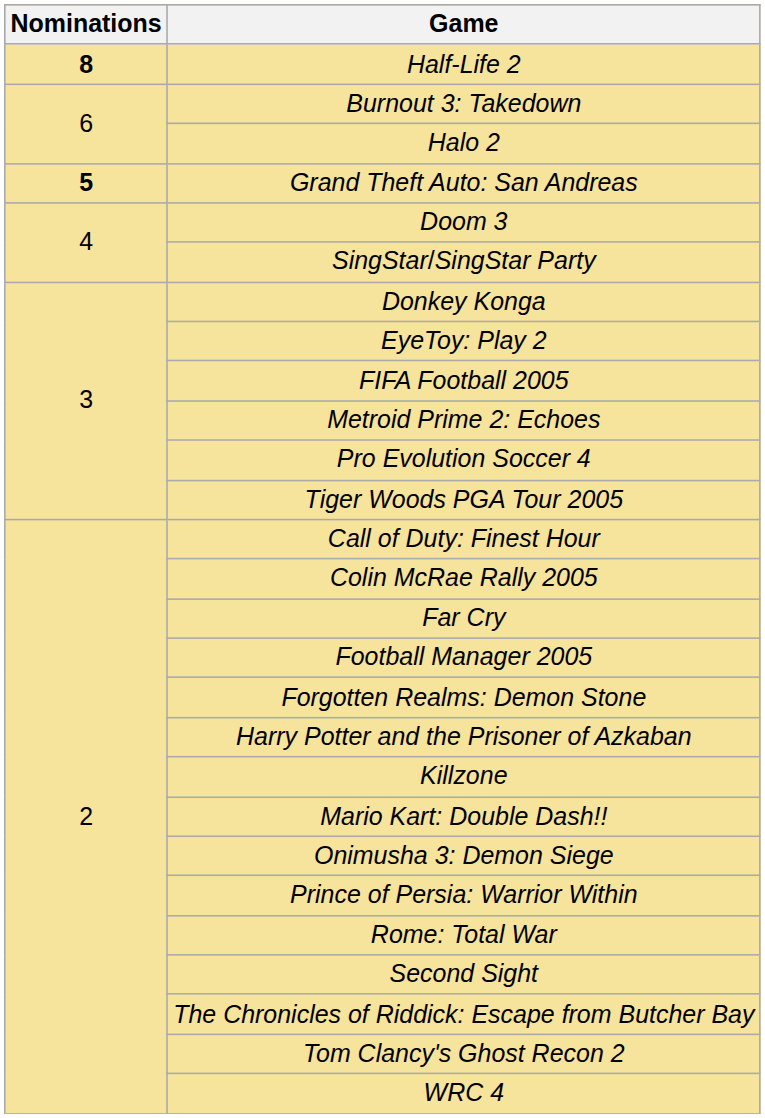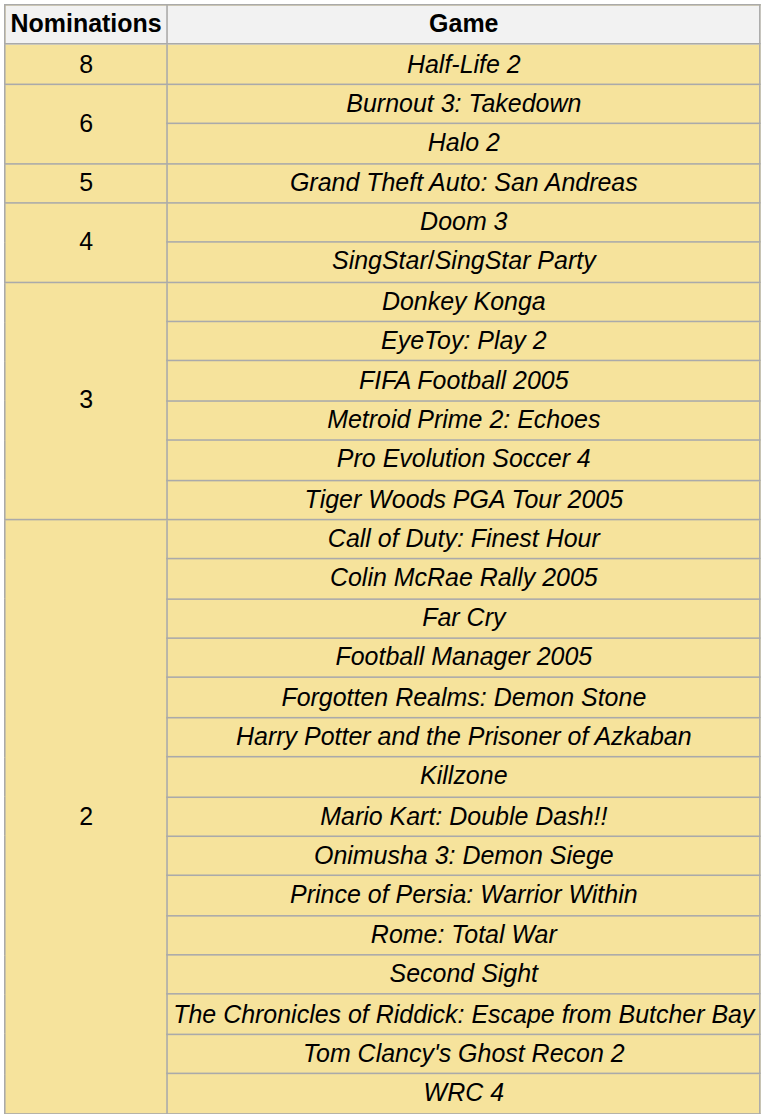 <table class="wikitable" rowspan=2 border="2" cellpadding="4" style="text-align: center; background: #f6e39c">
 <tr>
 <th scope="col" width="55">Nominations</th>
 <th scope="col" align="center">Game</th>
 </tr>
 <tr>
-<td style="text-align:center"><strong>8</strong></td>
+<td style="text-align:center">8</td>
 <td><em>Half-Life 2</em></td>
 </tr>
 <tr>
 <td rowspan=2 style="text-align:center">6</td>
 <td><em>Burnout 3: Takedown</em></td>
 </tr>
 <tr>
 <td><em>Halo 2</em></td>
 </tr>
 <tr>
-<td style="text-align:center"><strong>5</strong></td>
+<td style="text-align:center">5</td>
 <td><em>Grand Theft Auto: San Andreas</em></td>
 </tr>
 <tr>
 <td rowspan=2 style="text-align:center">4</td>
 <td><em>Doom 3</em></td>
 </tr>
 <tr>
 <td><em>SingStar</em>/<em>SingStar Party</em></td>
 </tr>
 <tr>
 <td rowspan=6 style="text-align:center">3</td>
 <td><em>Donkey Konga</em></td>
 </tr>
 <tr>
 <td><em>EyeToy: Play 2</em></td>
 </tr>
 <tr>
 <td><em>FIFA Football 2005</em></td>
 </tr>
 <tr>
 <td><em>Metroid Prime 2: Echoes</em></td>
 </tr>
 <tr>
 <td><em>Pro Evolution Soccer 4</em></td>
 </tr>
 <tr>
 <td><em>Tiger Woods PGA Tour 2005</em></td>
 </tr>
 <tr>
 <td rowspan=15 style="text-align:center">2</td>
 <td><em>Call of Duty: Finest Hour</em></td>
 </tr>
 <tr>
 <td><em>Colin McRae Rally 2005</em></td>
 </tr>
 <tr>
 <td><em>Far Cry</em></td>
 </tr>
 <tr>
 <td><em>Football Manager 2005</em></td>
 </tr>
 <tr>
 <td><em>Forgotten Realms: Demon Stone</em></td>
 </tr>
 <tr>
 <td><em>Harry Potter and the Prisoner of Azkaban</em></td>
 </tr>
 <tr>
 <td><em>Killzone</em></td>
 </tr>
 <tr>
 <td><em>Mario Kart: Double Dash!!</em></td>
 </tr>
 <tr>
 <td><em>Onimusha 3: Demon Siege</em></td>
 </tr>
 <tr>
 <td><em>Prince of Persia: Warrior Within</em></td>
 </tr>
 <tr>
 <td><em>Rome: Total War</em></td>
 </tr>
 <tr>
 <td><em>Second Sight</em></td>
 </tr>
 <tr>
 <td><em>The Chronicles of Riddick: Escape from Butcher Bay</em></td>
 </tr>
 <tr>
 <td><em>Tom Clancy's Ghost Recon 2</em></td>
 </tr>
 <tr>
 <td><em>WRC 4</em></td>
 </tr>
 </table>
